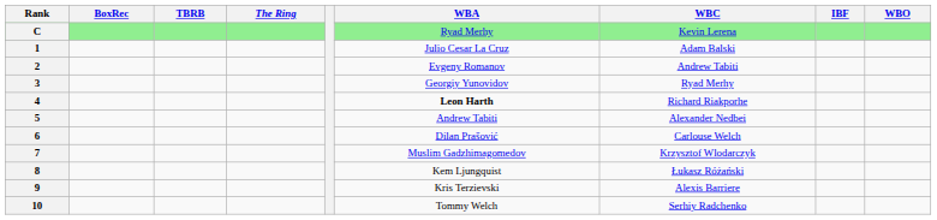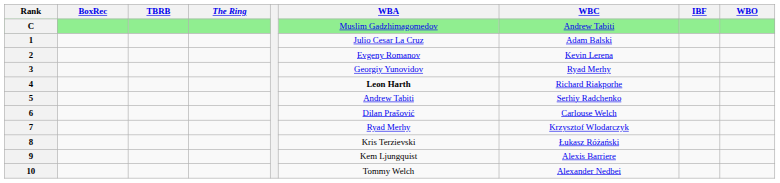 <table class="wikitable" style="text-align:left; font-size:90%; width:100%;">
 <tr>
 <th>Rank</th>
 <th><a href='#'>BoxRec</a></th>
 <th><a href='#'>TBRB</a></th>
 <th><em><a href='#'>The Ring</a></em></th>
 <th rowspan="12" style="width:1%;"></th>
 <th><a href='#'>WBA</a></th>
 <th><a href='#'>WBC</a></th>
 <th><a href='#'>IBF</a></th>
 <th><a href='#'>WBO</a></th>
 </tr>
 <tr style="background:lightgreen;">
 <th scope="row">C</th>
 <td></td>
 <td></td>
 <td></td>
-<td style="text-align:center;"><a href='#'>Ryad Merhy</a></td>
-<td style="text-align:center;"><a href='#'>Kevin Lerena</a></td>
+<td style="text-align:center;"><a href='#'>Muslim Gadzhimagomedov</a></td>
+<td style="text-align:center;"><a href='#'>Andrew Tabiti</a></td>
 <td></td>
 <td></td>
 </tr>
 <tr>
 <th scope="row">1</th>
 <td></td>
 <td></td>
 <td></td>
 <td style="text-align:center;"><a href='#'>Julio Cesar La Cruz</a></td>
 <td style="text-align:center;"><a href='#'>Adam Balski</a></td>
 <td></td>
 <td></td>
 </tr>
 <tr>
 <th scope="row">2</th>
 <td></td>
 <td></td>
 <td></td>
 <td style="text-align:center;"><a href='#'>Evgeny Romanov</a></td>
-<td style="text-align:center;"><a href='#'>Andrew Tabiti</a></td>
+<td style="text-align:center;"><a href='#'>Kevin Lerena</a></td>
 <td></td>
 <td></td>
 </tr>
 <tr>
 <th scope="row">3</th>
 <td></td>
 <td></td>
 <td></td>
 <td style="text-align:center;"><a href='#'>Georgiy Yunovidov</a></td>
 <td style="text-align:center;"><a href='#'>Ryad Merhy</a></td>
 <td></td>
 <td></td>
 </tr>
 <tr>
 <th scope="row">4</th>
 <td></td>
 <td></td>
 <td></td>
 <td style="text-align:center;"><strong>Leon Harth</strong></td>
 <td style="text-align:center;"><a href='#'>Richard Riakporhe</a></td>
 <td></td>
 <td></td>
 </tr>
 <tr>
 <th scope="row">5</th>
 <td></td>
 <td></td>
 <td></td>
 <td style="text-align:center;"><a href='#'>Andrew Tabiti</a></td>
-<td style="text-align:center;"><a href='#'>Alexander Nedbei</a></td>
+<td style="text-align:center;"><a href='#'>Serhiy Radchenko</a></td>
 <td></td>
 <td></td>
 </tr>
 <tr>
 <th scope="row">6</th>
 <td></td>
 <td></td>
 <td></td>
 <td style="text-align:center;"><a href='#'>Dilan Prašović</a></td>
 <td style="text-align:center;"><a href='#'>Carlouse Welch</a></td>
 <td></td>
 <td></td>
 </tr>
 <tr>
 <th scope="row">7</th>
 <td></td>
 <td></td>
 <td></td>
-<td style="text-align:center;"><a href='#'>Muslim Gadzhimagomedov</a></td>
+<td style="text-align:center;"><a href='#'>Ryad Merhy</a></td>
 <td style="text-align:center;"><a href='#'>Krzysztof Wlodarczyk</a></td>
 <td></td>
 <td></td>
 </tr>
 <tr>
 <th scope="row">8</th>
 <td></td>
 <td></td>
 <td></td>
-<td style="text-align:center;">Kem Ljungquist</td>
+<td style="text-align:center;">Kris Terzievski</td>
 <td style="text-align:center;"><a href='#'>Łukasz Różański</a></td>
 <td></td>
 <td></td>
 </tr>
 <tr>
 <th scope="row">9</th>
 <td></td>
 <td></td>
 <td></td>
-<td style="text-align:center;">Kris Terzievski</td>
+<td style="text-align:center;">Kem Ljungquist</td>
 <td style="text-align:center;"><a href='#'>Alexis Barriere</a></td>
 <td></td>
 <td></td>
 </tr>
 <tr>
 <th scope="row">10</th>
 <td></td>
 <td></td>
 <td></td>
 <td style="text-align:center;">Tommy Welch</td>
-<td style="text-align:center;"><a href='#'>Serhiy Radchenko</a></td>
+<td style="text-align:center;"><a href='#'>Alexander Nedbei</a></td>
 <td></td>
 <td></td>
 </tr>
 </table>
